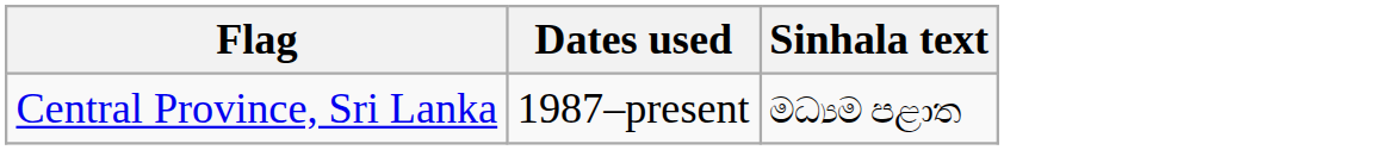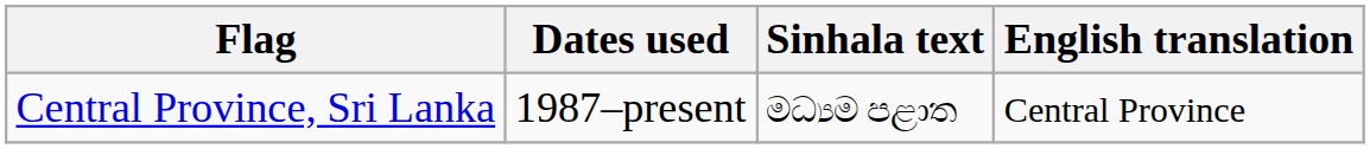 <table class="wikitable sortable noresize">
 <tr>
 <th>Flag</th>
 <th>Dates used</th>
 <th>Sinhala text</th>
+<th>English translation</th>
 </tr>
 <tr>
 <td> <a href='#'>Central Province, Sri Lanka</a></td>
 <td>1987–present</td>
 <td><small>මධ්‍යම පළාත</small></td>
+<td><small>Central Province</small></td>
 </tr>
 </table>
